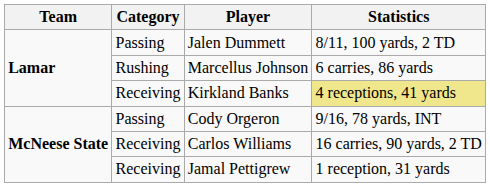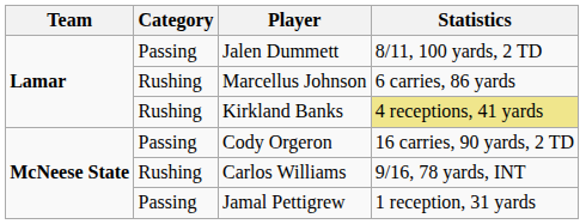 <table class="wikitable" style="float: left;">
 <tr>
 <th>Team</th>
 <th>Category</th>
 <th>Player</th>
 <th>Statistics</th>
 </tr>
 <tr>
 <td rowspan=3><strong>Lamar</strong></td>
 <td>Passing</td>
 <td>Jalen Dummett</td>
 <td>8/11, 100 yards, 2 TD</td>
 </tr>
 <tr>
 <td>Rushing</td>
 <td>Marcellus Johnson</td>
 <td>6 carries, 86 yards</td>
 </tr>
 <tr>
-<td>Receiving</td>
+<td>Rushing</td>
 <td>Kirkland Banks</td>
 <td style="background: khaki;">4 receptions, 41 yards</td>
 </tr>
 <tr>
 <td rowspan=3><strong>McNeese State</strong></td>
 <td>Passing</td>
 <td>Cody Orgeron</td>
+<td>16 carries, 90 yards, 2 TD</td>
+</tr>
+<tr>
+<td>Rushing</td>
+<td>Carlos Williams</td>
 <td>9/16, 78 yards, INT</td>
 </tr>
 <tr>
-<td>Receiving</td>
-<td>Carlos Williams</td>
-<td>16 carries, 90 yards, 2 TD</td>
-</tr>
-<tr>
-<td>Receiving</td>
+<td>Passing</td>
 <td>Jamal Pettigrew</td>
 <td>1 reception, 31 yards</td>
 </tr>
 </table>
